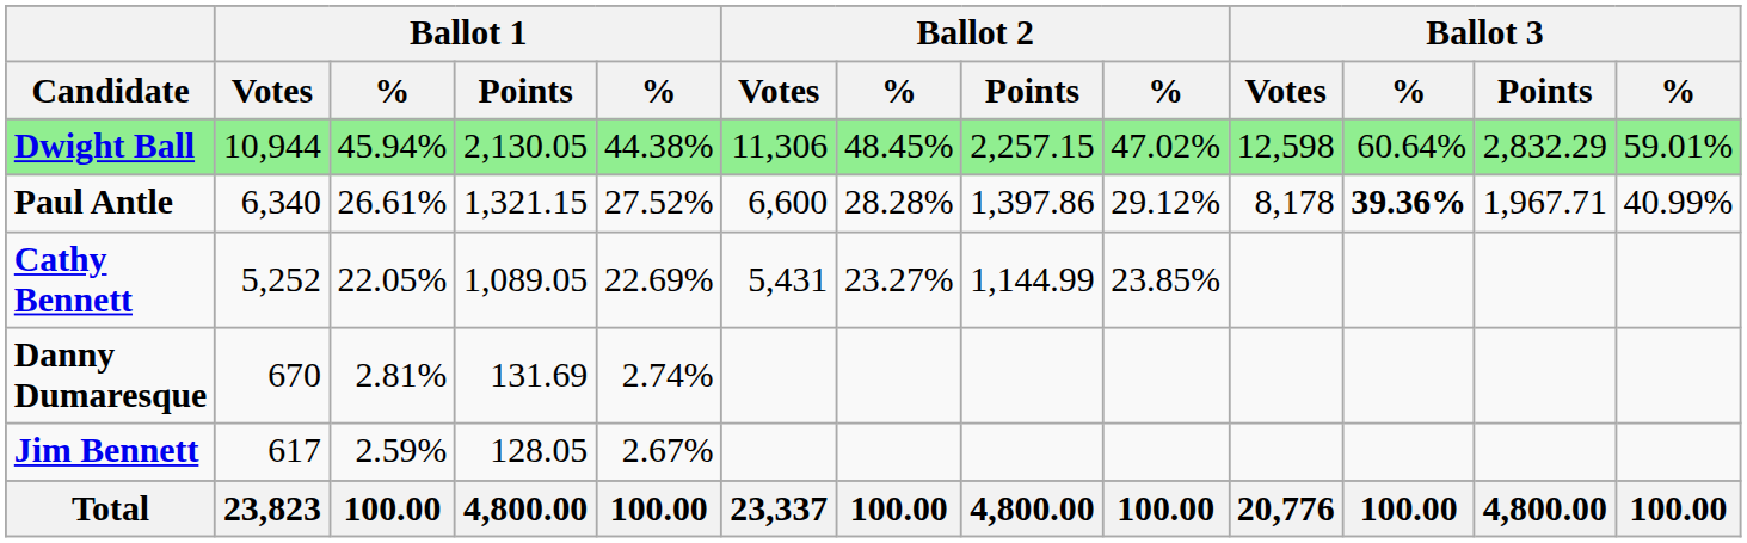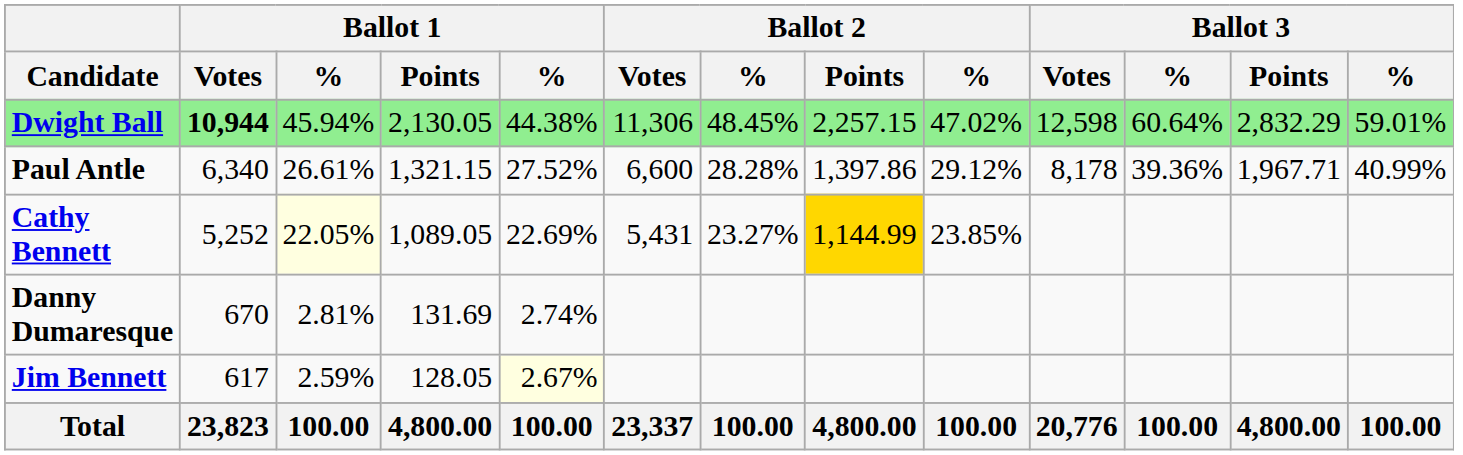 <table class="wikitable">
 <tr>
 <th></th>
 <th colspan = "4">Ballot 1</th>
 <th colspan = "4">Ballot 2</th>
 <th colspan = "4">Ballot 3</th>
 </tr>
 <tr>
 <th>Candidate</th>
 <th>Votes</th>
 <th>%</th>
 <th>Points</th>
 <th>%</th>
 <th>Votes</th>
 <th>%</th>
 <th>Points</th>
 <th>%</th>
 <th>Votes</th>
 <th>%</th>
 <th>Points</th>
 <th>%</th>
 </tr>
 <tr style="text-align:right;background:lightgreen;">
 <td align=left><strong><a href='#'>Dwight Ball</a></strong></td>
-<td>10,944</td>
+<td><strong>10,944</strong></td>
 <td>45.94%</td>
 <td>2,130.05</td>
 <td>44.38%</td>
 <td>11,306</td>
 <td>48.45%</td>
 <td>2,257.15</td>
 <td>47.02%</td>
 <td>12,598</td>
 <td>60.64%</td>
 <td>2,832.29</td>
 <td>59.01%</td>
 </tr>
 <tr style="text-align:right;">
 <td align=left><strong>Paul Antle</strong></td>
 <td>6,340</td>
 <td>26.61%</td>
 <td>1,321.15</td>
 <td>27.52%</td>
 <td>6,600</td>
 <td>28.28%</td>
 <td>1,397.86</td>
 <td>29.12%</td>
 <td>8,178</td>
-<td><strong>39.36%</strong></td>
+<td>39.36%</td>
 <td>1,967.71</td>
 <td>40.99%</td>
 </tr>
 <tr style="text-align:right;">
 <td align=left><strong><a href='#'>Cathy Bennett</a></strong></td>
 <td>5,252</td>
-<td>22.05%</td>
+<td style="background: lightyellow;">22.05%</td>
 <td>1,089.05</td>
 <td>22.69%</td>
 <td>5,431</td>
 <td>23.27%</td>
-<td>1,144.99</td>
+<td style="background: gold;">1,144.99</td>
 <td>23.85%</td>
 <td></td>
 <td></td>
 <td></td>
 <td></td>
 </tr>
 <tr style="text-align:right;">
 <td align=left><strong>Danny Dumaresque</strong></td>
 <td>670</td>
 <td>2.81%</td>
 <td>131.69</td>
 <td>2.74%</td>
 <td></td>
 <td></td>
 <td></td>
 <td></td>
 <td></td>
 <td></td>
 <td></td>
 <td></td>
 </tr>
 <tr style="text-align:right;">
 <td align=left><strong><a href='#'>Jim Bennett</a></strong></td>
 <td>617</td>
 <td>2.59%</td>
 <td>128.05</td>
-<td>2.67%</td>
+<td style="background: lightyellow;">2.67%</td>
 <td></td>
 <td></td>
 <td></td>
 <td></td>
 <td></td>
 <td></td>
 <td></td>
 <td></td>
 </tr>
 <tr style="text-align:right;">
 <th>Total</th>
 <th>23,823</th>
 <th>100.00</th>
 <th>4,800.00</th>
 <th>100.00</th>
 <th>23,337</th>
 <th>100.00</th>
 <th>4,800.00</th>
 <th>100.00</th>
 <th>20,776</th>
 <th>100.00</th>
 <th>4,800.00</th>
 <th>100.00</th>
 </tr>
 </table>
